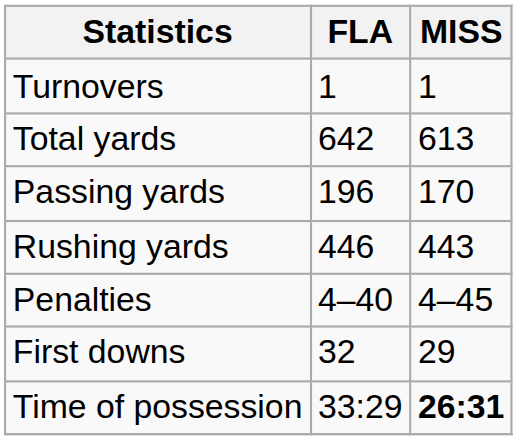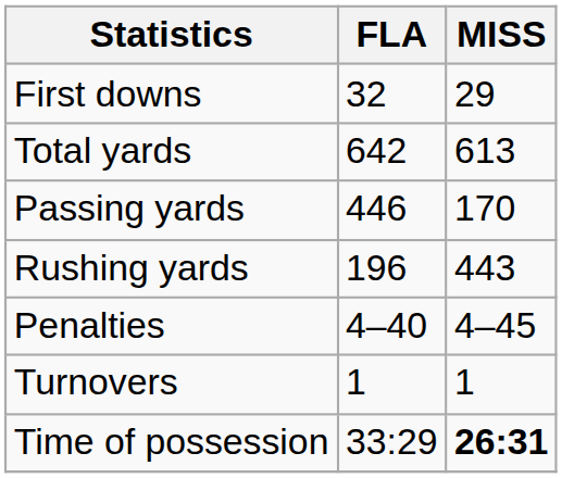 <table class="wikitable" style="float: left;">
 <tr>
 <th>Statistics</th>
 <th>FLA</th>
 <th>MISS</th>
 </tr>
 <tr>
-<td>Turnovers</td>
-<td>1</td>
-<td>1</td>
+<td>First downs</td>
+<td>32</td>
+<td>29</td>
 </tr>
 <tr>
 <td>Total yards</td>
 <td>642</td>
 <td>613</td>
 </tr>
 <tr>
 <td>Passing yards</td>
-<td>196</td>
+<td>446</td>
 <td>170</td>
 </tr>
 <tr>
 <td>Rushing yards</td>
-<td>446</td>
+<td>196</td>
 <td>443</td>
 </tr>
 <tr>
 <td>Penalties</td>
 <td>4–40</td>
 <td>4–45</td>
 </tr>
 <tr>
-<td>First downs</td>
-<td>32</td>
-<td>29</td>
+<td>Turnovers</td>
+<td>1</td>
+<td>1</td>
 </tr>
 <tr>
 <td>Time of possession</td>
 <td>33:29</td>
 <td><strong>26:31</strong></td>
 </tr>
 <tr>
 </tr>
 </table>
